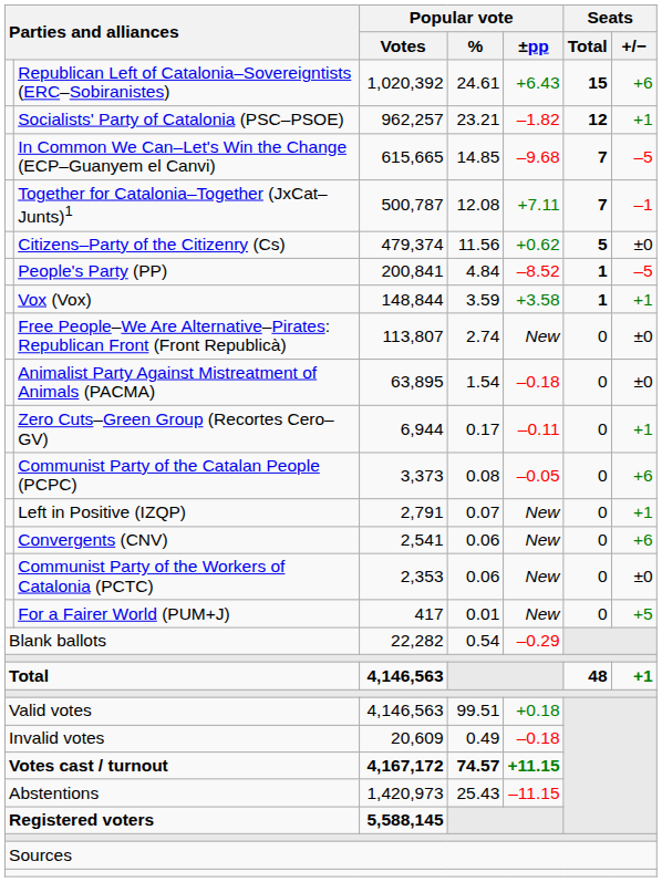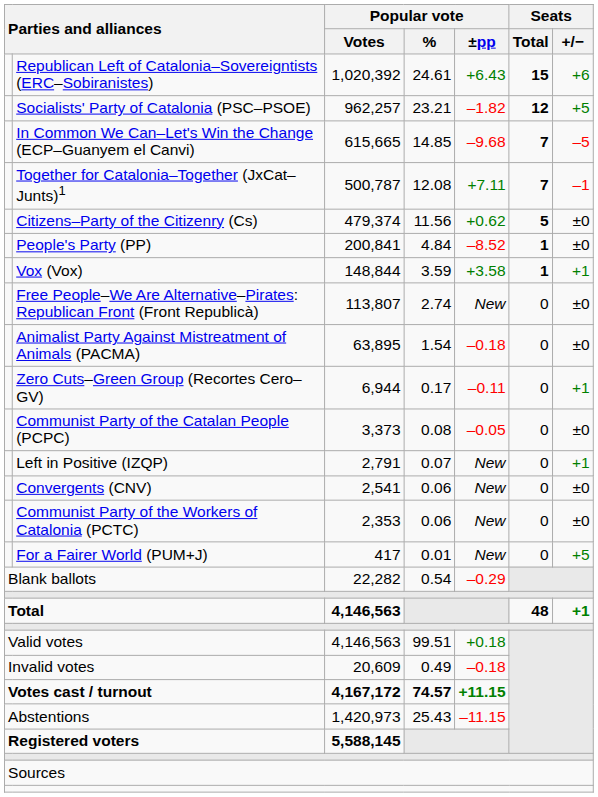 <table class="wikitable" style="text-align:right;">
 <tr>
 <th style="text-align:left;" rowspan="2" colspan="2" width="525">Parties and alliances</th>
 <th colspan="3">Popular vote</th>
 <th colspan="2">Seats</th>
 </tr>
 <tr>
 <th width="75">Votes</th>
 <th width="45">%</th>
 <th width="45">±<a href='#'>pp</a></th>
 <th width="35">Total</th>
 <th width="35">+/−</th>
 </tr>
 <tr>
 <td width="1" style="color:inherit;background:"></td>
 <td align="left"><a href='#'>Republican Left of Catalonia–Sovereigntists</a> (<a href='#'>ERC</a>–<a href='#'>Sobiranistes</a>)</td>
 <td>1,020,392</td>
 <td>24.61</td>
 <td style="color:green;">+6.43</td>
 <td><strong>15</strong></td>
 <td style="color:green;">+6</td>
 </tr>
 <tr>
 <td style="color:inherit;background:"></td>
 <td align="left"><a href='#'>Socialists' Party of Catalonia</a> (PSC–PSOE)</td>
 <td>962,257</td>
 <td>23.21</td>
 <td style="color:red;">–1.82</td>
 <td><strong>12</strong></td>
-<td style="color:green;">+1</td>
+<td style="color:green;">+5</td>
 </tr>
 <tr>
 <td style="color:inherit;background:"></td>
 <td align="left"><a href='#'>In Common We Can–Let's Win the Change</a> (ECP–Guanyem el Canvi)</td>
 <td>615,665</td>
 <td>14.85</td>
 <td style="color:red;">–9.68</td>
 <td><strong>7</strong></td>
 <td style="color:red;">–5</td>
 </tr>
 <tr>
 <td style="color:inherit;background:"></td>
 <td align="left"><a href='#'>Together for Catalonia–Together</a> (JxCat–Junts)<sup>1</sup></td>
 <td>500,787</td>
 <td>12.08</td>
 <td style="color:green;">+7.11</td>
 <td><strong>7</strong></td>
 <td style="color:red;">–1</td>
 </tr>
 <tr>
 <td style="color:inherit;background:"></td>
 <td align="left"><a href='#'>Citizens–Party of the Citizenry</a> (Cs)</td>
 <td>479,374</td>
 <td>11.56</td>
 <td style="color:green;">+0.62</td>
 <td><strong>5</strong></td>
 <td>±0</td>
 </tr>
 <tr>
 <td style="color:inherit;background:"></td>
 <td align="left"><a href='#'>People's Party</a> (PP)</td>
 <td>200,841</td>
 <td>4.84</td>
 <td style="color:red;">–8.52</td>
 <td><strong>1</strong></td>
-<td style="color:red;">–5</td>
+<td>±0</td>
 </tr>
 <tr>
 <td style="color:inherit;background:"></td>
 <td align="left"><a href='#'>Vox</a> (Vox)</td>
 <td>148,844</td>
 <td>3.59</td>
 <td style="color:green;">+3.58</td>
 <td><strong>1</strong></td>
 <td style="color:green;">+1</td>
 </tr>
 <tr>
 <td style="color:inherit;background:"></td>
 <td align="left"><a href='#'>Free People</a>–<a href='#'>We Are Alternative</a>–<a href='#'>Pirates</a>: <a href='#'>Republican Front</a> (Front Republicà)</td>
 <td>113,807</td>
 <td>2.74</td>
 <td><em>New</em></td>
 <td>0</td>
 <td>±0</td>
 </tr>
 <tr>
 <td style="color:inherit;background:"></td>
 <td align="left"><a href='#'>Animalist Party Against Mistreatment of Animals</a> (PACMA)</td>
 <td>63,895</td>
 <td>1.54</td>
 <td style="color:red;">–0.18</td>
 <td>0</td>
 <td>±0</td>
 </tr>
 <tr>
 <td style="color:inherit;background:"></td>
 <td align="left"><a href='#'>Zero Cuts</a>–<a href='#'>Green Group</a> (Recortes Cero–GV)</td>
 <td>6,944</td>
 <td>0.17</td>
 <td style="color:red;">–0.11</td>
 <td>0</td>
 <td style="color:green;">+1</td>
 </tr>
 <tr>
 <td style="color:inherit;background:"></td>
 <td align="left"><a href='#'>Communist Party of the Catalan People</a> (PCPC)</td>
 <td>3,373</td>
 <td>0.08</td>
 <td style="color:red;">–0.05</td>
 <td>0</td>
-<td style="color:green;">+6</td>
+<td>±0</td>
 </tr>
 <tr>
 <td style="color:inherit;background:"></td>
 <td align="left">Left in Positive (IZQP)</td>
 <td>2,791</td>
 <td>0.07</td>
 <td><em>New</em></td>
 <td>0</td>
 <td style="color:green;">+1</td>
 </tr>
 <tr>
 <td style="color:inherit;background:"></td>
 <td align="left"><a href='#'>Convergents</a> (CNV)</td>
 <td>2,541</td>
 <td>0.06</td>
 <td><em>New</em></td>
 <td>0</td>
-<td style="color:green;">+6</td>
+<td>±0</td>
 </tr>
 <tr>
 <td style="color:inherit;background:"></td>
 <td align="left"><a href='#'>Communist Party of the Workers of Catalonia</a> (PCTC)</td>
 <td>2,353</td>
 <td>0.06</td>
 <td><em>New</em></td>
 <td>0</td>
 <td>±0</td>
 </tr>
 <tr>
 <td style="color:inherit;background:"></td>
 <td align="left"><a href='#'>For a Fairer World</a> (PUM+J)</td>
 <td>417</td>
 <td>0.01</td>
 <td><em>New</em></td>
 <td>0</td>
 <td style="color:green;">+5</td>
 </tr>
 <tr>
 <td align="left" colspan="2">Blank ballots</td>
 <td>22,282</td>
 <td>0.54</td>
 <td style="color:red;">–0.29</td>
 <td bgcolor="#E9E9E9" colspan="2"></td>
 </tr>
 <tr>
 <td colspan="7" bgcolor="#E9E9E9"></td>
 </tr>
 <tr style="font-weight:bold;">
 <td align="left" colspan="2">Total</td>
 <td>4,146,563</td>
 <td bgcolor="#E9E9E9" colspan="2"></td>
 <td>48</td>
 <td style="color:green;">+1</td>
 </tr>
 <tr>
 <td colspan="7" bgcolor="#E9E9E9"></td>
 </tr>
 <tr>
 <td align="left" colspan="2">Valid votes</td>
 <td>4,146,563</td>
 <td>99.51</td>
 <td style="color:green;">+0.18</td>
 <td bgcolor="#E9E9E9" colspan="2" rowspan="5"></td>
 </tr>
 <tr>
 <td align="left" colspan="2">Invalid votes</td>
 <td>20,609</td>
 <td>0.49</td>
 <td style="color:red;">–0.18</td>
 </tr>
 <tr style="font-weight:bold;">
 <td align="left" colspan="2">Votes cast / turnout</td>
 <td>4,167,172</td>
 <td>74.57</td>
 <td style="color:green;">+11.15</td>
 </tr>
 <tr>
 <td align="left" colspan="2">Abstentions</td>
 <td>1,420,973</td>
 <td>25.43</td>
 <td style="color:red;">–11.15</td>
 </tr>
 <tr style="font-weight:bold;">
 <td align="left" colspan="2">Registered voters</td>
 <td>5,588,145</td>
 <td bgcolor="#E9E9E9" colspan="2"></td>
 </tr>
 <tr>
 <td colspan="7" bgcolor="#E9E9E9"></td>
 </tr>
 <tr>
 <td align="left" colspan="7">Sources</td>
 </tr>
 <tr>
 <td colspan="7" style="text-align:left; max-width:790px;"></td>
 </tr>
 </table>
